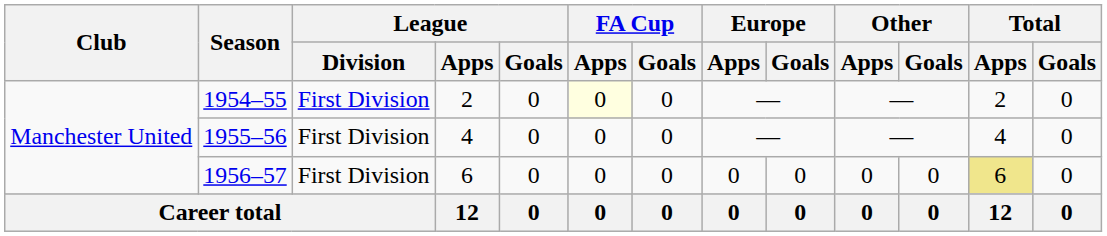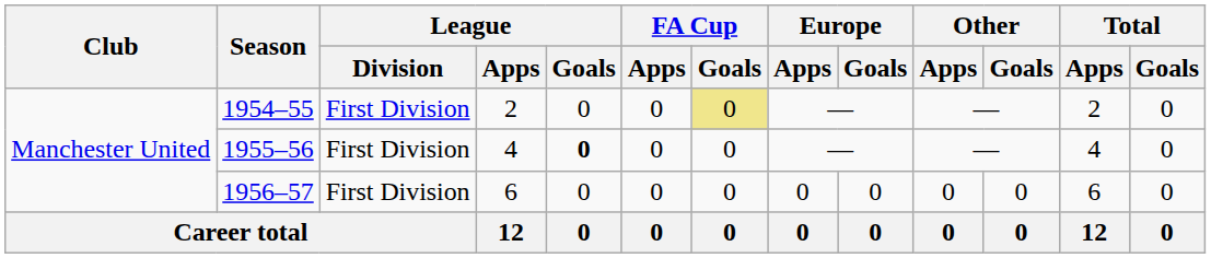 <table class="wikitable" style="text-align: center;">
 <tr>
 <th rowspan="2">Club</th>
 <th rowspan="2">Season</th>
 <th colspan="3">League</th>
 <th colspan="2"><a href='#'>FA Cup</a></th>
 <th colspan="2">Europe</th>
 <th colspan="2">Other</th>
 <th colspan="2">Total</th>
 </tr>
 <tr>
 <th>Division</th>
 <th>Apps</th>
 <th>Goals</th>
 <th>Apps</th>
 <th>Goals</th>
 <th>Apps</th>
 <th>Goals</th>
 <th>Apps</th>
 <th>Goals</th>
 <th>Apps</th>
 <th>Goals</th>
 </tr>
 <tr>
 <td rowspan="3"><a href='#'>Manchester United</a></td>
 <td><a href='#'>1954–55</a></td>
 <td><a href='#'>First Division</a></td>
 <td>2</td>
 <td>0</td>
-<td style="background: lightyellow;">0</td>
 <td>0</td>
+<td style="background: khaki;">0</td>
 <td colspan="2">—</td>
 <td colspan="2">—</td>
 <td>2</td>
 <td>0</td>
 </tr>
 <tr>
 <td><a href='#'>1955–56</a></td>
 <td>First Division</td>
 <td>4</td>
-<td>0</td>
+<td><strong>0</strong></td>
 <td>0</td>
 <td>0</td>
 <td colspan="2">—</td>
 <td colspan="2">—</td>
 <td>4</td>
 <td>0</td>
 </tr>
 <tr>
 <td><a href='#'>1956–57</a></td>
 <td>First Division</td>
 <td>6</td>
 <td>0</td>
 <td>0</td>
 <td>0</td>
 <td>0</td>
 <td>0</td>
 <td>0</td>
 <td>0</td>
-<td style="background: khaki;">6</td>
+<td>6</td>
 <td>0</td>
 </tr>
 <tr>
 <th colspan="3">Career total</th>
 <th>12</th>
 <th>0</th>
 <th>0</th>
 <th>0</th>
 <th>0</th>
 <th>0</th>
 <th>0</th>
 <th>0</th>
 <th>12</th>
 <th>0</th>
 </tr>
 </table>
